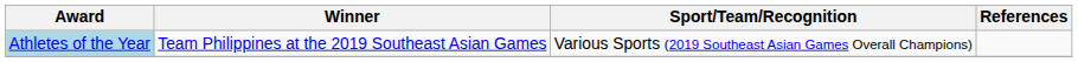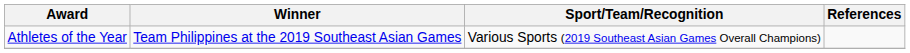 <table class="wikitable">
 <tr>
 <th>Award</th>
 <th>Winner</th>
 <th>Sport/Team/Recognition</th>
 <th>References</th>
 </tr>
 <tr>
-<td style="background: lightblue;"><a href='#'>Athletes of the Year</a></td>
+<td><a href='#'>Athletes of the Year</a></td>
 <td><a href='#'>Team Philippines at the 2019 Southeast Asian Games</a></td>
 <td>Various Sports <small>(<a href='#'>2019 Southeast Asian Games</a> Overall Champions)</small></td>
 <td></td>
 </tr>
 <tr>
 </tr>
 </table>
